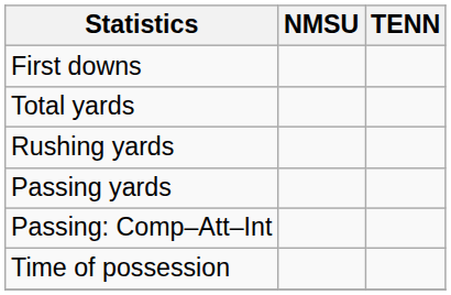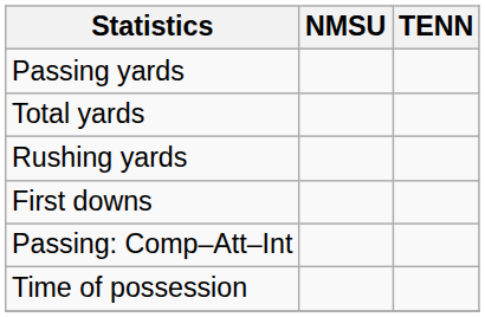 <table class="wikitable" style="float: left;">
 <tr>
 <th>Statistics</th>
 <th>NMSU</th>
 <th>TENN</th>
 </tr>
 <tr>
-<td>First downs</td>
+<td>Passing yards</td>
 <td></td>
 <td></td>
 </tr>
 <tr>
 <td>Total yards</td>
 <td></td>
 <td></td>
 </tr>
 <tr>
 <td>Rushing yards</td>
 <td></td>
 <td></td>
 </tr>
 <tr>
-<td>Passing yards</td>
+<td>First downs</td>
 <td></td>
 <td></td>
 </tr>
 <tr>
 <td>Passing: Comp–Att–Int</td>
 <td></td>
 <td></td>
 </tr>
 <tr>
 <td>Time of possession</td>
 <td></td>
 <td></td>
 </tr>
 <tr>
 </tr>
 </table>
